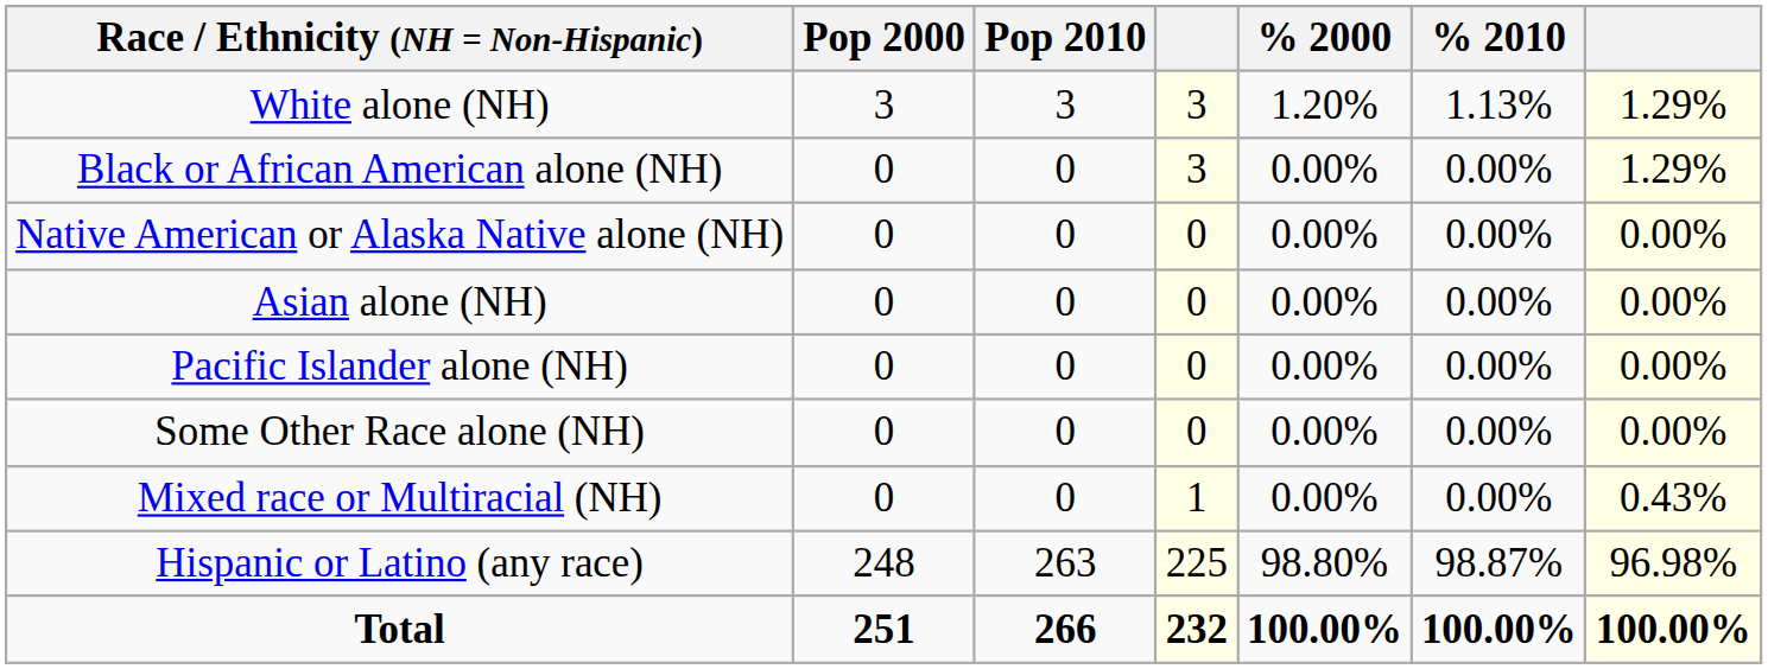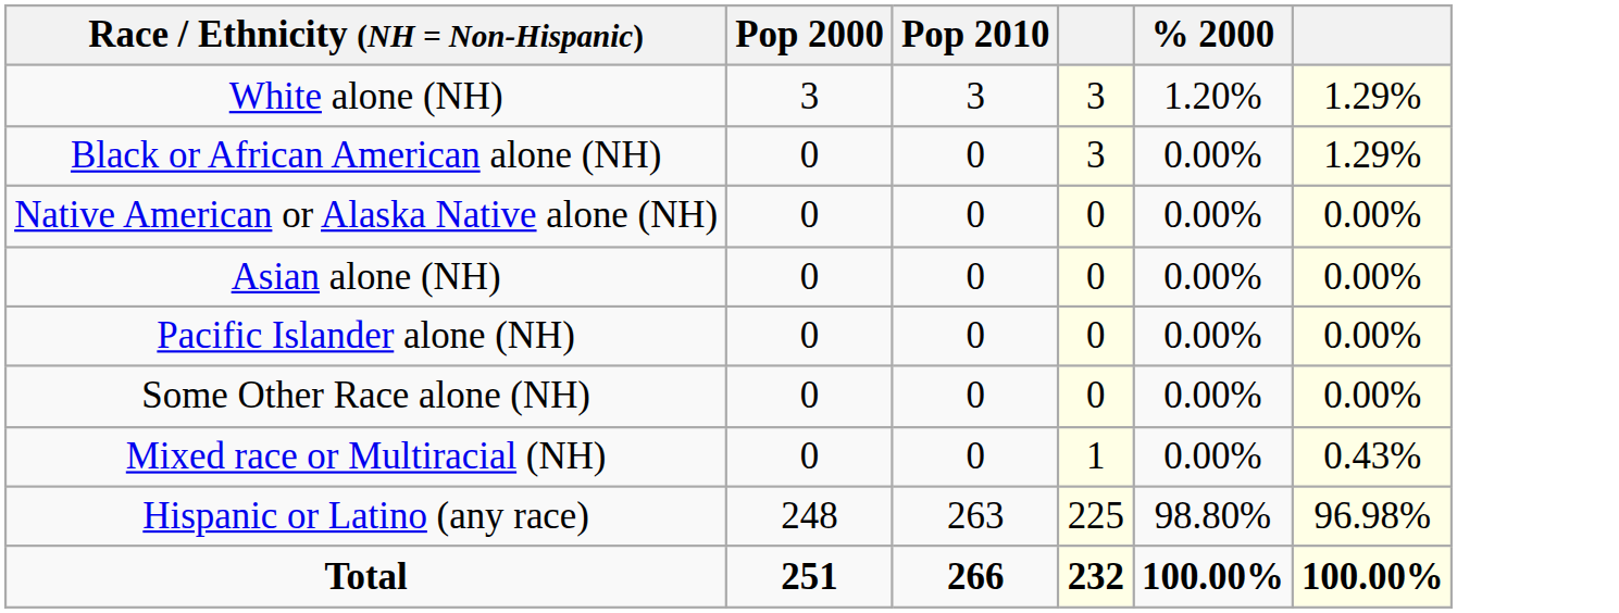 <table class="wikitable" style="text-align:center;">
 <tr>
 <th>Race / Ethnicity <small>(<em>NH = Non-Hispanic</em>)</small></th>
 <th>Pop 2000</th>
 <th>Pop 2010</th>
 <th></th>
 <th>% 2000</th>
-<th>% 2010</th>
 <th></th>
 </tr>
 <tr>
 <td><a href='#'>White</a> alone (NH)</td>
 <td>3</td>
 <td>3</td>
 <td style='background: #ffffe6;'>3</td>
 <td>1.20%</td>
-<td>1.13%</td>
 <td style='background: #ffffe6;'>1.29%</td>
 </tr>
 <tr>
 <td><a href='#'>Black or African American</a> alone (NH)</td>
 <td>0</td>
 <td>0</td>
 <td style='background: #ffffe6;'>3</td>
-<td>0.00%</td>
 <td>0.00%</td>
 <td style='background: #ffffe6;'>1.29%</td>
 </tr>
 <tr>
 <td><a href='#'>Native American</a> or <a href='#'>Alaska Native</a> alone (NH)</td>
 <td>0</td>
 <td>0</td>
 <td style='background: #ffffe6;'>0</td>
 <td>0.00%</td>
-<td>0.00%</td>
 <td style='background: #ffffe6;'>0.00%</td>
 </tr>
 <tr>
 <td><a href='#'>Asian</a> alone (NH)</td>
 <td>0</td>
 <td>0</td>
 <td style='background: #ffffe6;'>0</td>
-<td>0.00%</td>
 <td>0.00%</td>
 <td style='background: #ffffe6;'>0.00%</td>
 </tr>
 <tr>
 <td><a href='#'>Pacific Islander</a> alone (NH)</td>
 <td>0</td>
 <td>0</td>
 <td style='background: #ffffe6;'>0</td>
 <td>0.00%</td>
-<td>0.00%</td>
 <td style='background: #ffffe6;'>0.00%</td>
 </tr>
 <tr>
 <td>Some Other Race alone (NH)</td>
 <td>0</td>
 <td>0</td>
 <td style='background: #ffffe6;'>0</td>
-<td>0.00%</td>
 <td>0.00%</td>
 <td style='background: #ffffe6;'>0.00%</td>
 </tr>
 <tr>
 <td><a href='#'>Mixed race or Multiracial</a> (NH)</td>
 <td>0</td>
 <td>0</td>
 <td style='background: #ffffe6;'>1</td>
 <td>0.00%</td>
-<td>0.00%</td>
 <td style='background: #ffffe6;'>0.43%</td>
 </tr>
 <tr>
 <td><a href='#'>Hispanic or Latino</a> (any race)</td>
 <td>248</td>
 <td>263</td>
 <td style='background: #ffffe6;'>225</td>
 <td>98.80%</td>
-<td>98.87%</td>
 <td style='background: #ffffe6;'>96.98%</td>
 </tr>
 <tr>
 <td><strong>Total</strong></td>
 <td><strong>251</strong></td>
 <td><strong>266</strong></td>
 <td style='background: #ffffe6;'><strong>232</strong></td>
 <td><strong>100.00%</strong></td>
-<td><strong>100.00%</strong></td>
 <td style='background: #ffffe6;'><strong>100.00%</strong></td>
 </tr>
 </table>
